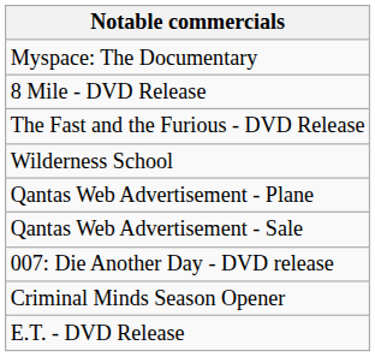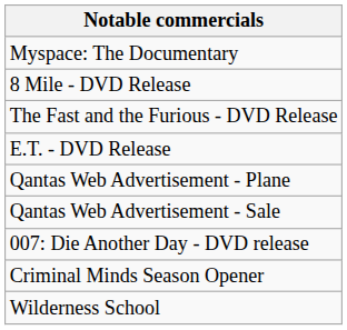 <table class="wikitable">
 <tr>
 <th>Notable commercials</th>
 </tr>
 <tr>
 <td>Myspace: The Documentary</td>
 </tr>
 <tr>
 <td>8 Mile - DVD Release</td>
 </tr>
 <tr>
 <td>The Fast and the Furious - DVD Release</td>
 </tr>
 <tr>
-<td>Wilderness School</td>
+<td>E.T. - DVD Release</td>
 </tr>
 <tr>
 <td>Qantas Web Advertisement - Plane</td>
 </tr>
 <tr>
 <td>Qantas Web Advertisement - Sale</td>
 </tr>
 <tr>
 <td>007: Die Another Day - DVD release</td>
 </tr>
 <tr>
 <td>Criminal Minds Season Opener</td>
 </tr>
 <tr>
-<td>E.T. - DVD Release</td>
+<td>Wilderness School</td>
 </tr>
 </table>
